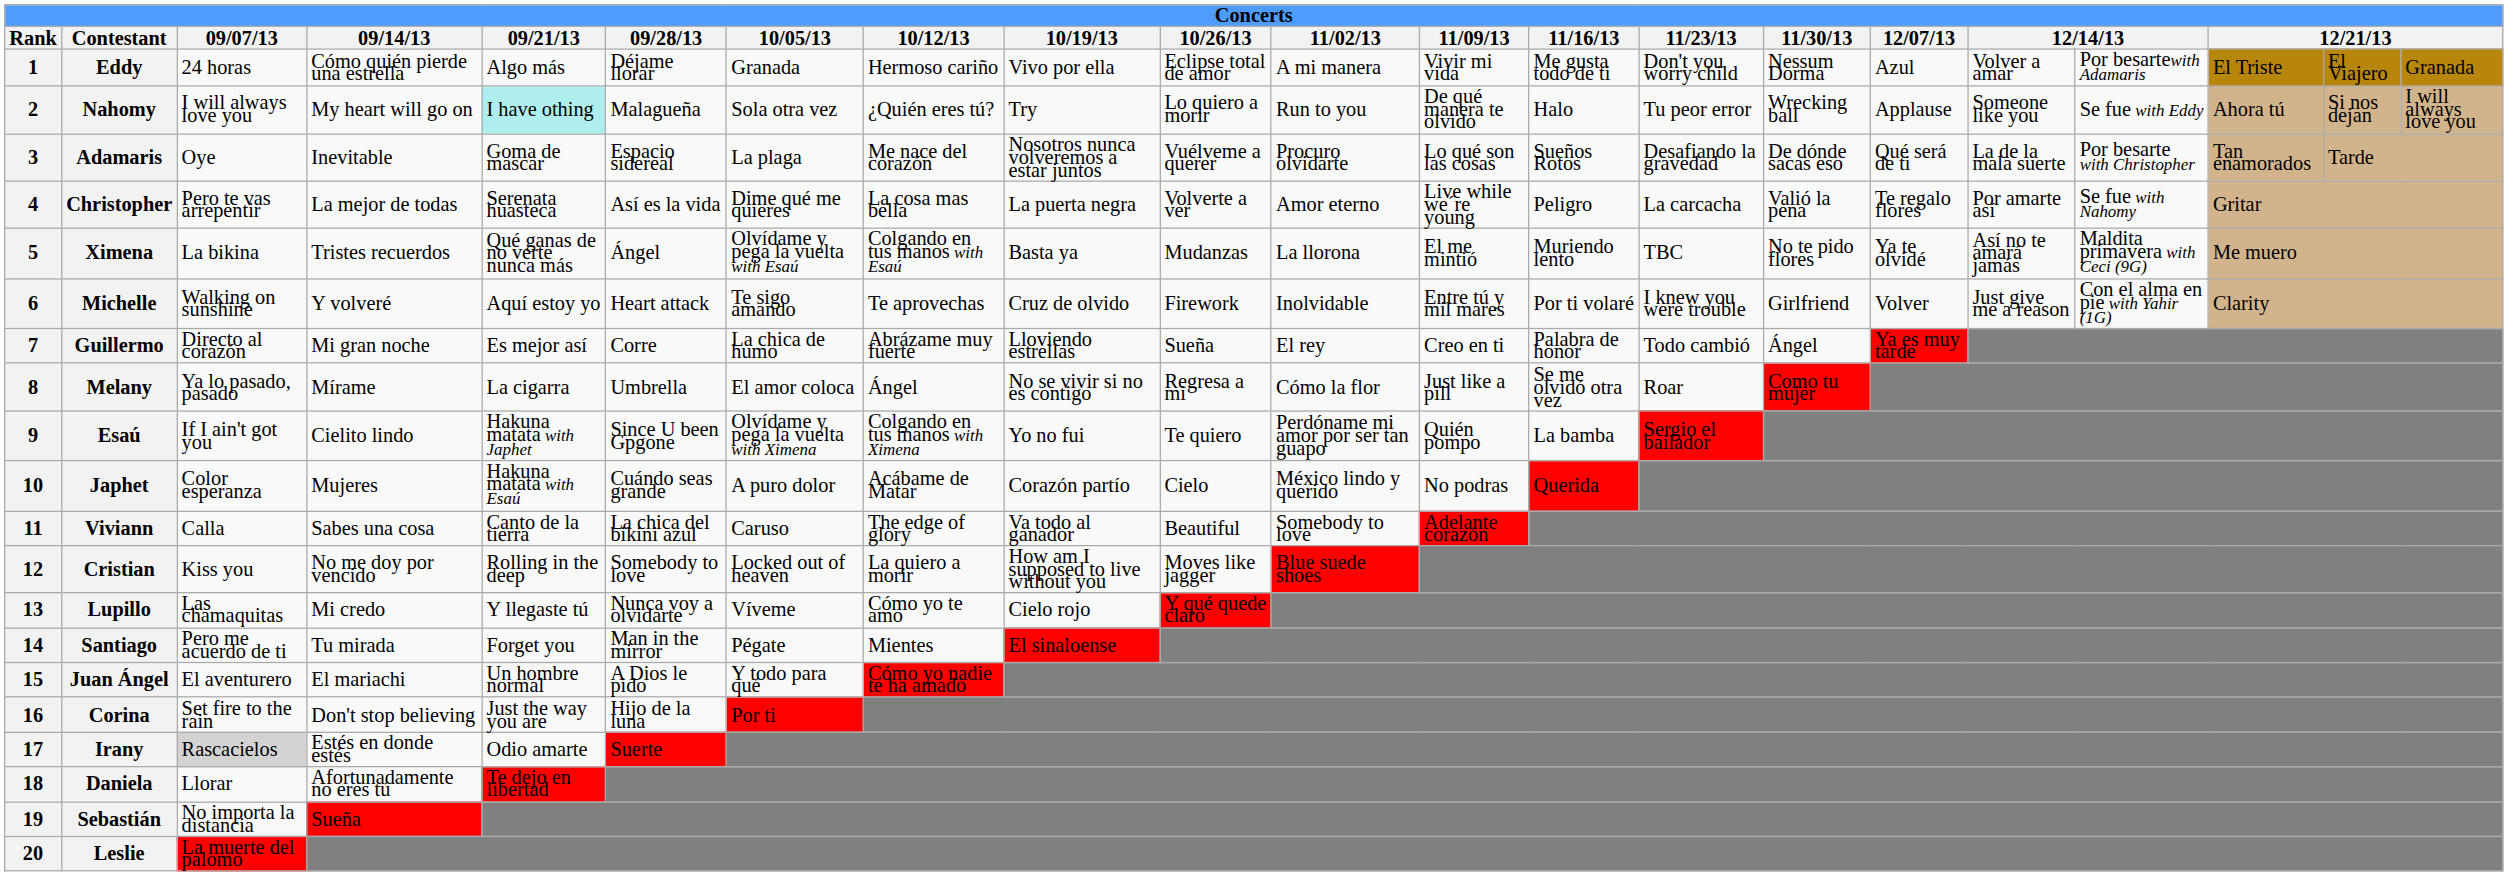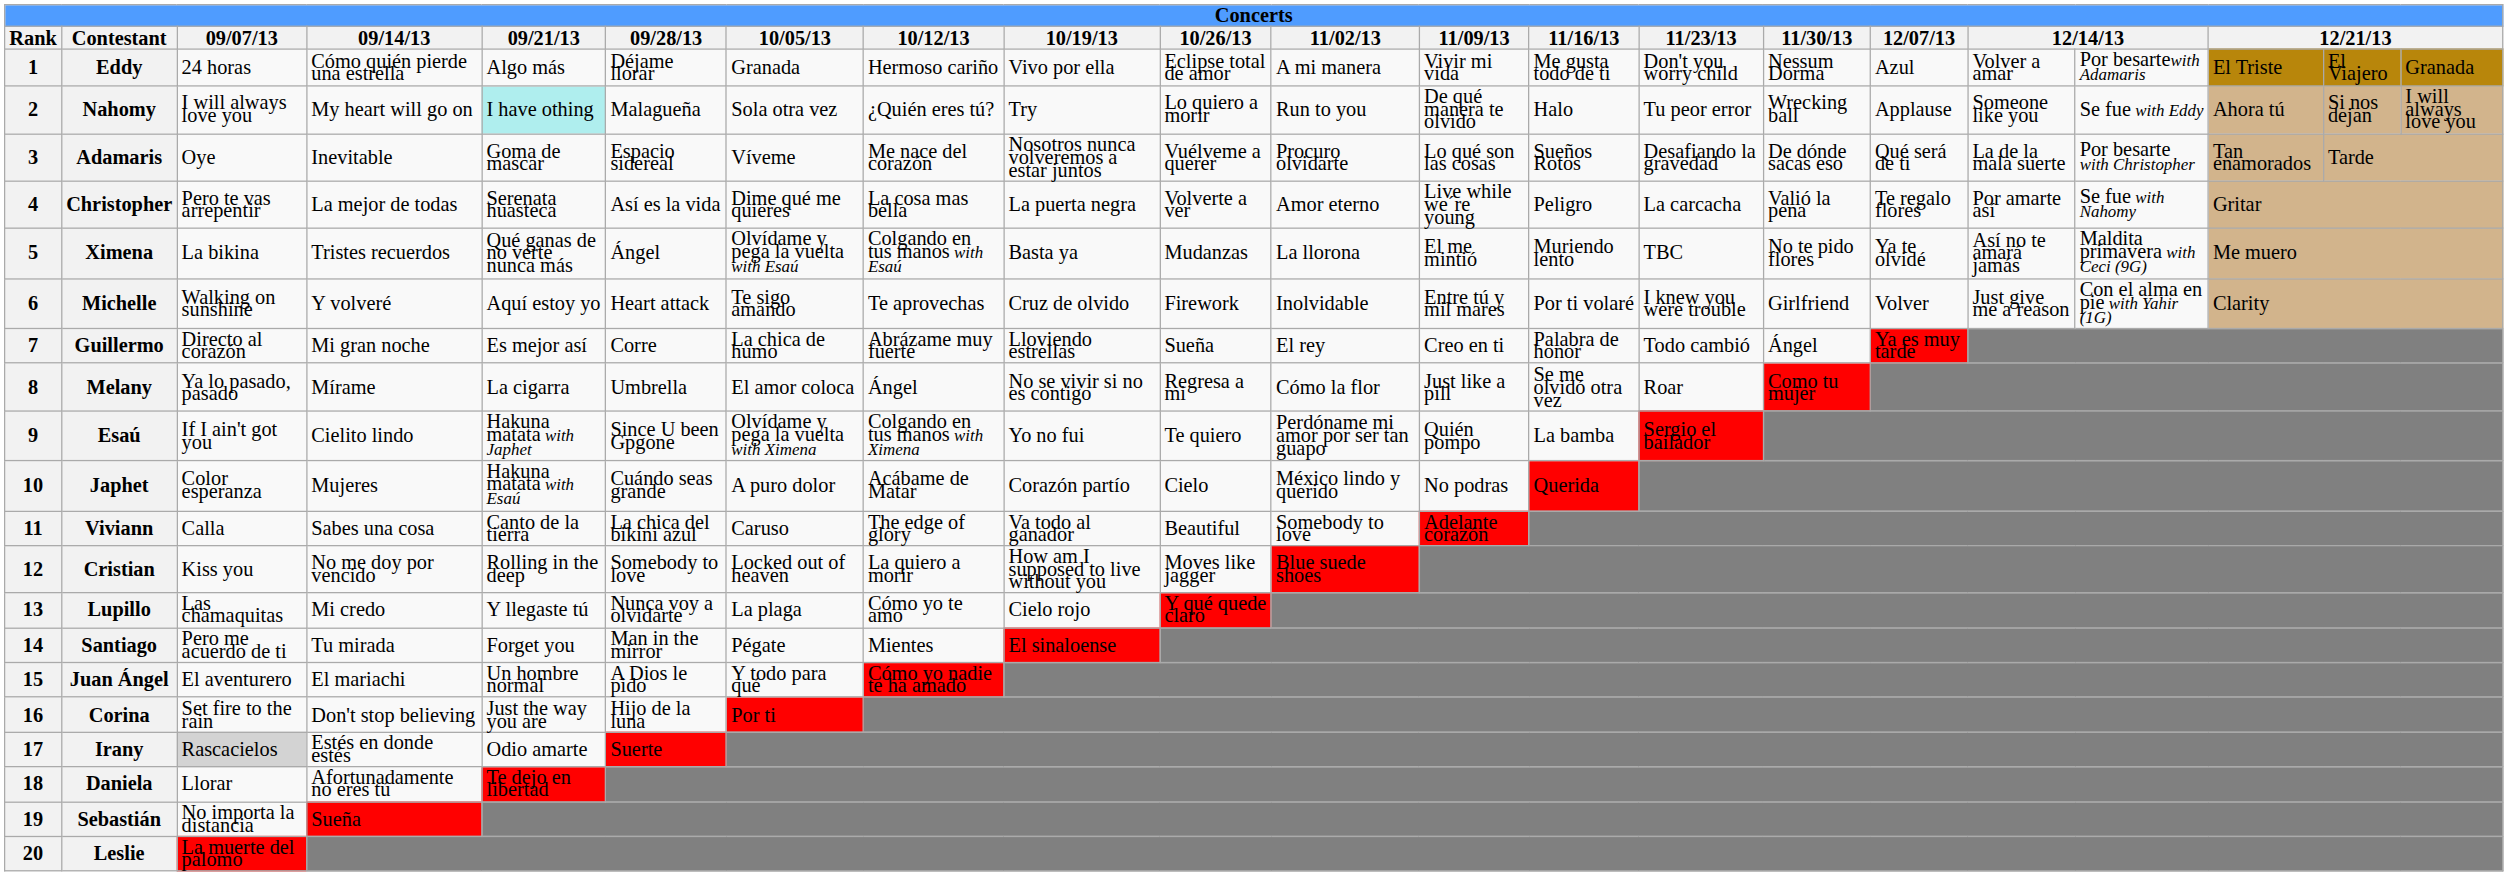 <table class="wikitable collapsible collapsed" style="text-align:left; line-height:10px; line-width:12px;">
 <tr>
 <th colspan="22" style="background:#4F9CFF;">Concerts</th>
 </tr>
 <tr>
 <th>Rank</th>
 <th>Contestant</th>
 <th>09/07/13</th>
 <th>09/14/13</th>
 <th>09/21/13</th>
 <th>09/28/13</th>
 <th>10/05/13</th>
 <th>10/12/13</th>
 <th>10/19/13</th>
 <th>10/26/13</th>
 <th>11/02/13</th>
 <th>11/09/13</th>
 <th>11/16/13</th>
 <th>11/23/13</th>
 <th>11/30/13</th>
 <th>12/07/13</th>
 <th colspan="2">12/14/13</th>
 <th colspan="3">12/21/13</th>
 </tr>
 <tr>
 <th>1</th>
 <th>Eddy</th>
 <td>24 horas</td>
 <td>Cómo quién pierde una estrella</td>
 <td>Algo más</td>
 <td>Déjame llorar</td>
 <td>Granada</td>
 <td>Hermoso cariño</td>
 <td>Vivo por ella</td>
 <td>Eclipse total de amor</td>
 <td>A mi manera</td>
 <td>Vivir mi vida</td>
 <td>Me gusta todo de ti</td>
 <td>Don't you worry child</td>
 <td>Nessum Dorma</td>
 <td>Azul</td>
 <td>Volver a amar</td>
 <td>Por besarte<small><em>with Adamaris</em></small></td>
 <td style="background:darkgoldenrod;">El Triste</td>
 <td style="background:darkgoldenrod;">El Viajero</td>
 <td style="background:darkgoldenrod;">Granada</td>
 </tr>
 <tr>
 <th>2</th>
 <th>Nahomy</th>
 <td>I will always love you</td>
 <td>My heart will go on</td>
 <td style="background: paleturquoise;">I have othing</td>
 <td>Malagueña</td>
 <td>Sola otra vez</td>
 <td>¿Quién eres tú?</td>
 <td>Try</td>
 <td>Lo quiero a morir</td>
 <td>Run to you</td>
 <td>De qué manera te olvido</td>
 <td>Halo</td>
 <td>Tu peor error</td>
 <td>Wrecking ball</td>
 <td>Applause</td>
 <td>Someone like you</td>
 <td>Se fue<small> <em>with Eddy</em></small></td>
 <td style="background:Tan;">Ahora tú</td>
 <td style="background:Tan;">Si nos dejan</td>
 <td style="background:Tan;">I will always love you</td>
 </tr>
 <tr>
 <th>3</th>
 <th>Adamaris</th>
 <td>Oye</td>
 <td>Inevitable</td>
 <td>Goma de mascar</td>
 <td>Espacio sidereal</td>
-<td>La plaga</td>
+<td>Víveme</td>
 <td>Me nace del corazón</td>
 <td>Nosotros nunca volveremos a estar juntos</td>
 <td>Vuélveme a querer</td>
 <td>Procuro olvidarte</td>
 <td>Lo qué son las cosas</td>
 <td>Sueños Rotos</td>
 <td>Desafiando la gravedad</td>
 <td>De dónde sacas eso</td>
 <td>Qué será de ti</td>
 <td>La de la mala suerte</td>
 <td>Por besarte<small> <em>with Christopher</em></small></td>
 <td style="background:Tan;">Tan enamorados</td>
 <td style="background:Tan;" colspan="2">Tarde</td>
 </tr>
 <tr>
 <th>4</th>
 <th>Christopher</th>
 <td>Pero te vas arrepentir</td>
 <td>La mejor de todas</td>
 <td>Serenata huasteca</td>
 <td>Así es la vida</td>
 <td>Dime qué me quieres</td>
 <td>La cosa mas bella</td>
 <td>La puerta negra</td>
 <td>Volverte a ver</td>
 <td>Amor eterno</td>
 <td>Live while we´re young</td>
 <td>Peligro</td>
 <td>La carcacha</td>
 <td>Valió la pena</td>
 <td>Te regalo flores</td>
 <td>Por amarte así</td>
 <td>Se fue<small> <em>with Nahomy</em></small></td>
 <td style="background:Tan;" colspan="3">Gritar</td>
 </tr>
 <tr>
 <th>5</th>
 <th>Ximena</th>
 <td>La bikina</td>
 <td>Tristes recuerdos</td>
 <td>Qué ganas de no verte nunca más</td>
 <td>Ángel</td>
 <td>Olvídame y pega la vuelta<small> <em>with Esaú</em> </small></td>
 <td>Colgando en tus manos<small><em> with Esaú</em> </small></td>
 <td>Basta ya</td>
 <td>Mudanzas</td>
 <td>La llorona</td>
 <td>El me mintió</td>
 <td>Muriendo lento</td>
 <td>TBC</td>
 <td>No te pido flores</td>
 <td>Ya te olvidé</td>
 <td>Así no te amará jamás</td>
 <td>Maldita primavera<small> <em>with Ceci (9G)</em></small></td>
 <td style="background:Tan;" colspan="3">Me muero</td>
 </tr>
 <tr>
 <th>6</th>
 <th>Michelle</th>
 <td>Walking on sunshine</td>
 <td>Y volveré</td>
 <td>Aquí estoy yo</td>
 <td>Heart attack</td>
 <td>Te sigo amando</td>
 <td>Te aprovechas</td>
 <td>Cruz de olvido</td>
 <td>Firework</td>
 <td>Inolvidable</td>
 <td>Entre tú y mil mares</td>
 <td>Por ti volaré</td>
 <td>I knew you were trouble</td>
 <td>Girlfriend</td>
 <td>Volver</td>
 <td>Just give me a reason</td>
 <td>Con el alma en pie<small> <em>with Yahir (1G)</em></small></td>
 <td style="background:Tan;" colspan="3">Clarity</td>
 </tr>
 <tr>
 <th>7</th>
 <th>Guillermo</th>
 <td>Directo al corazón</td>
 <td>Mi gran noche</td>
 <td>Es mejor así</td>
 <td>Corre</td>
 <td>La chica de humo</td>
 <td>Abrázame muy fuerte</td>
 <td>Lloviendo estrellas</td>
 <td>Sueña</td>
 <td>El rey</td>
 <td>Creo en ti</td>
 <td>Palabra de honor</td>
 <td>Todo cambió</td>
 <td>Ángel</td>
 <td style="background:red;">Ya es muy tarde</td>
 <td style="background:gray;" colspan="20"></td>
 </tr>
 <tr>
 <th>8</th>
 <th>Melany</th>
 <td>Ya lo pasado, pasado</td>
 <td>Mírame</td>
 <td>La cigarra</td>
 <td>Umbrella</td>
 <td>El amor coloca</td>
 <td>Ángel</td>
 <td>No se vivir si no es contigo</td>
 <td>Regresa a mi</td>
 <td>Cómo la flor</td>
 <td>Just like a pill</td>
 <td>Se me olvidó otra vez</td>
 <td>Roar</td>
 <td style="background:red;">Como tu mujer</td>
 <td style="background:gray;" colspan="20"></td>
 </tr>
 <tr>
 <th>9</th>
 <th>Esaú</th>
 <td>If I ain't got you</td>
 <td>Cielito lindo</td>
 <td>Hakuna matata<small> <em>with Japhet</em> </small></td>
 <td>Since U been Gpgone</td>
 <td>Olvídame y pega la vuelta<small> <em>with Ximena</em> </small></td>
 <td>Colgando en tus manos<small> <em>with Ximena</em> </small></td>
 <td>Yo no fui</td>
 <td>Te quiero</td>
 <td>Perdóname mi amor por ser tan guapo</td>
 <td>Quién pompo</td>
 <td>La bamba</td>
 <td style="background:red;">Sergio el bailador</td>
 <td style="background:gray;" colspan="20"></td>
 </tr>
 <tr>
 <th>10</th>
 <th>Japhet</th>
 <td>Color esperanza</td>
 <td>Mujeres</td>
 <td>Hakuna matata<small> <em>with Esaú</em> </small></td>
 <td>Cuándo seas grande</td>
 <td>A puro dolor</td>
 <td>Acábame de Matar</td>
 <td>Corazón partío</td>
 <td>Cielo</td>
 <td>México lindo y querido</td>
 <td>No podras</td>
 <td style="background:red;">Querida</td>
 <td style="background:gray;" colspan="20"></td>
 </tr>
 <tr>
 <th>11</th>
 <th>Viviann</th>
 <td>Calla</td>
 <td>Sabes una cosa</td>
 <td>Canto de la tierra</td>
 <td>La chica del bikini azul</td>
 <td>Caruso</td>
 <td>The edge of glory</td>
 <td>Va todo al ganador</td>
 <td>Beautiful</td>
 <td>Somebody to love</td>
 <td style="background:red;">Adelante corazón</td>
 <td style="background:gray;" colspan="20"></td>
 </tr>
 <tr>
 <th>12</th>
 <th>Cristian</th>
 <td>Kiss you</td>
 <td>No me doy por vencido</td>
 <td>Rolling in the deep</td>
 <td>Somebody to love</td>
 <td>Locked out of heaven</td>
 <td>La quiero a morir</td>
 <td>How am I supposed to live without you</td>
 <td>Moves like jagger</td>
 <td style="background:red;">Blue suede shoes</td>
 <td style="background:gray;" colspan="20"></td>
 </tr>
 <tr>
 <th>13</th>
 <th>Lupillo</th>
 <td>Las chamaquitas</td>
 <td>Mi credo</td>
 <td>Y llegaste tú</td>
 <td>Nunca voy a olvidarte</td>
-<td>Víveme</td>
+<td>La plaga</td>
 <td>Cómo yo te amo</td>
 <td>Cielo rojo</td>
 <td style="background:red;">Y qué quede claro</td>
 <td style="background:gray;" colspan="20"></td>
 </tr>
 <tr>
 <th>14</th>
 <th>Santiago</th>
 <td>Pero me acuerdo de ti</td>
 <td>Tu mirada</td>
 <td>Forget you</td>
 <td>Man in the mirror</td>
 <td>Pégate</td>
 <td>Mientes</td>
 <td style="background:red;">El sinaloense</td>
 <td style="background:gray;" colspan="20"></td>
 </tr>
 <tr>
 <th>15</th>
 <th>Juan Ángel</th>
 <td>El aventurero</td>
 <td>El mariachi</td>
 <td>Un hombre normal</td>
 <td>A Dios le pido</td>
 <td>Y todo para qué</td>
 <td style="background:red;">Cómo yo nadie te ha amado</td>
 <td style="background:gray;" colspan="20"></td>
 </tr>
 <tr>
 <th>16</th>
 <th>Corina</th>
 <td>Set fire to the rain</td>
 <td>Don't stop believing</td>
 <td>Just the way you are</td>
 <td>Hijo de la luna</td>
 <td style="background:red;">Por ti</td>
 <td style="background:gray;" colspan="20"></td>
 </tr>
 <tr>
 <th>17</th>
 <th>Irany</th>
 <td style="background: lightgrey;">Rascacielos</td>
 <td>Estés en donde estés</td>
 <td>Odio amarte</td>
 <td style="background:red;">Suerte</td>
 <td style="background:gray;" colspan="20"></td>
 </tr>
 <tr>
 <th>18</th>
 <th>Daniela</th>
 <td>Llorar</td>
 <td>Afortunadamente no eres tú</td>
 <td style="background:red;">Te dejo en libertad</td>
 <td style="background:gray;" colspan="20"></td>
 </tr>
 <tr>
 <th>19</th>
 <th>Sebastián</th>
 <td>No importa la distancia</td>
 <td style="background:red;">Sueña</td>
 <td style="background:gray;" colspan="20"></td>
 </tr>
 <tr>
 <th>20</th>
 <th>Leslie</th>
 <td style="background:red;">La muerte del palomo</td>
 <td style="background:gray;" colspan="20"></td>
 </tr>
 </table>
